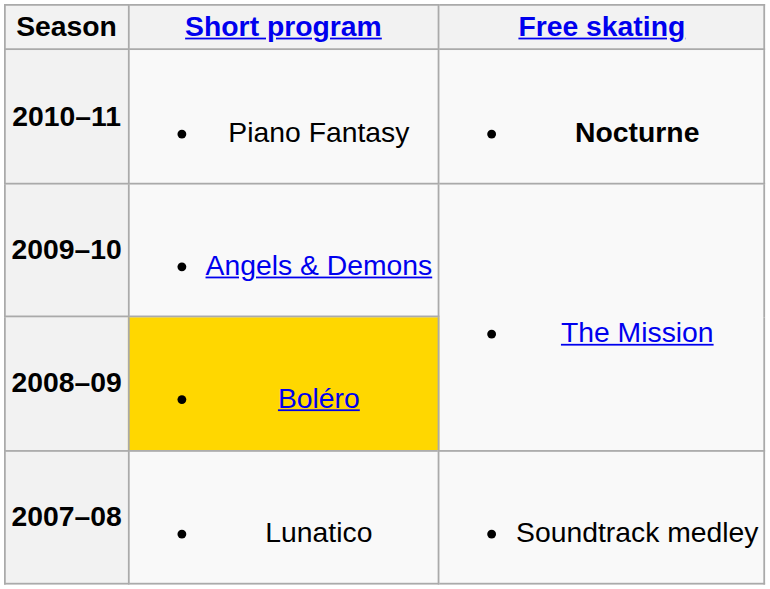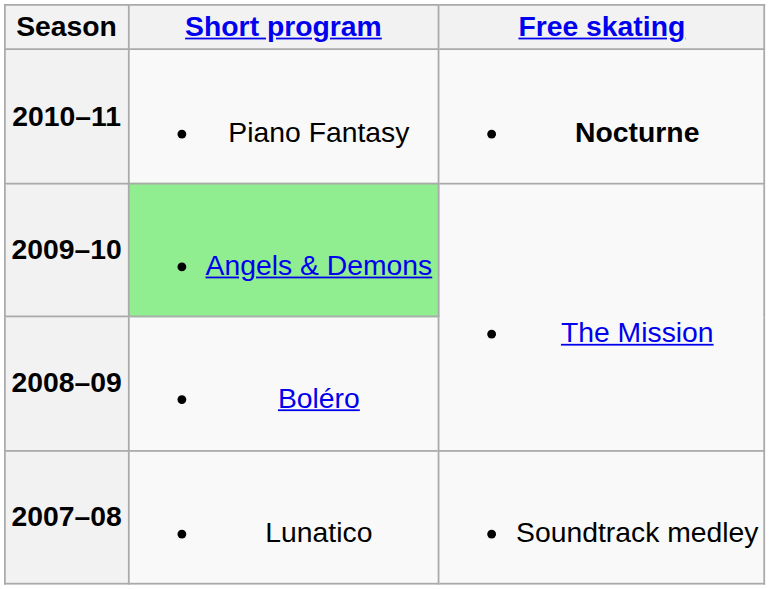 <table class="wikitable" style="text-align:center">
 <tr>
 <th>Season</th>
 <th><a href='#'>Short program</a></th>
 <th><a href='#'>Free skating</a></th>
 </tr>
 <tr>
 <th>2010–11 <br> </th>
 <td><br><ul><li>Piano Fantasy <br></li></ul></td>
 <td><strong><br><ul><li>Nocturne <br></li></ul></strong></td>
 </tr>
 <tr>
 <th>2009–10 <br> </th>
-<td><br><ul><li><a href='#'>Angels & Demons</a> <br></li></ul></td>
+<td style="background: lightgreen;"><br><ul><li><a href='#'>Angels & Demons</a> <br></li></ul></td>
 <td rowspan=2><br><ul><li><a href='#'>The Mission</a> <br></li></ul></td>
 </tr>
 <tr>
 <th>2008–09 <br> </th>
-<td style="background: gold;"><br><ul><li><a href='#'>Boléro</a> <br></li></ul></td>
+<td><br><ul><li><a href='#'>Boléro</a> <br></li></ul></td>
 </tr>
 <tr>
 <th>2007–08 <br> </th>
 <td><br><ul><li>Lunatico <br></li></ul></td>
 <td><br><ul><li>Soundtrack medley <br></li></ul></td>
 </tr>
 </table>
